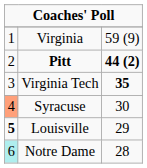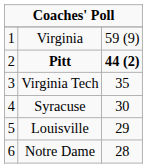 <table class="wikitable" style="display: inline-table;">
 <tr>
 <td align="center" Colspan="3"><strong>Coaches' Poll</strong></td>
 </tr>
 <tr align="center">
 </tr>
 <tr align="center">
 <td>1</td>
 <td>Virginia</td>
 <td>59 (9)</td>
 </tr>
 <tr align="center">
 <td>2</td>
 <td><strong>Pitt</strong></td>
 <td><strong>44 (2)</strong></td>
 </tr>
 <tr align="center">
 <td>3</td>
 <td>Virginia Tech</td>
-<td><strong>35</strong></td>
+<td>35</td>
 </tr>
 <tr align="center">
-<td style="background: lightsalmon;">4</td>
+<td>4</td>
 <td>Syracuse</td>
 <td>30</td>
 </tr>
 <tr align="center">
-<td><strong>5</strong></td>
+<td>5</td>
 <td>Louisville</td>
 <td>29</td>
 </tr>
 <tr align="center">
-<td style="background: paleturquoise;">6</td>
+<td>6</td>
 <td>Notre Dame</td>
 <td>28</td>
 </tr>
 </table>
